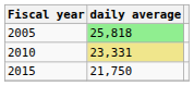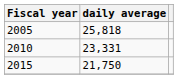 <table class="wikitable">
 <tr>
 <th>Fiscal year</th>
 <th>daily average</th>
 <th></th>
 </tr>
 <tr>
 <td>2005</td>
-<td style="background: lightgreen;">25,818</td>
+<td>25,818</td>
 <td></td>
 </tr>
 <tr>
 <td>2010</td>
-<td style="background: khaki;">23,331</td>
+<td>23,331</td>
 <td></td>
 </tr>
 <tr>
 <td>2015</td>
 <td>21,750</td>
 <td></td>
 </tr>
 <tr>
 </tr>
 </table>
